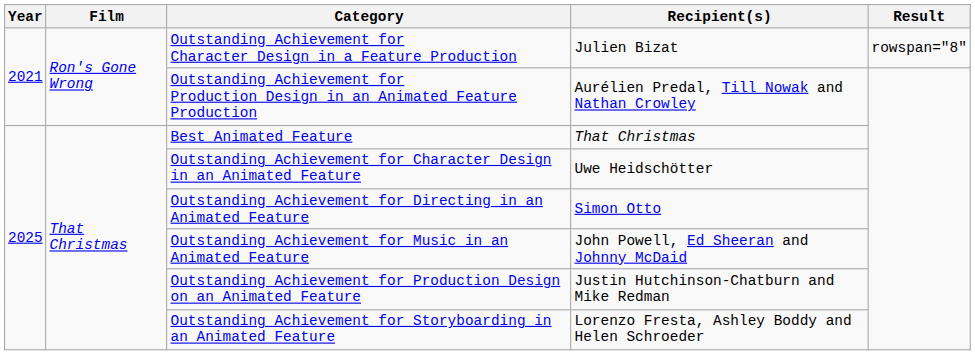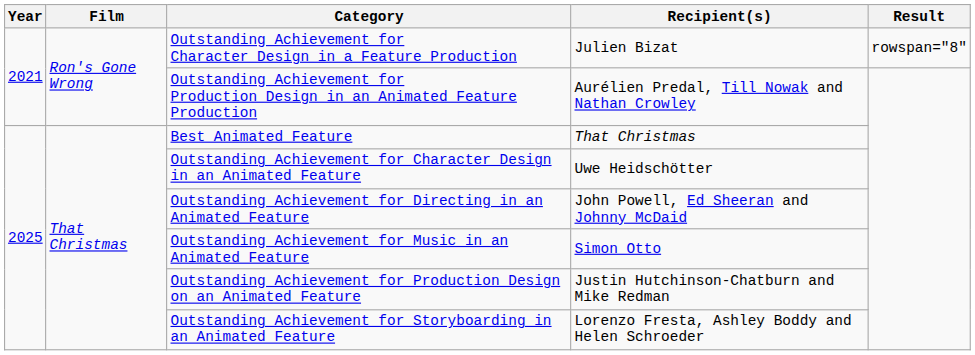 <table class="wikitable sortable">
 <tr>
 <th>Year</th>
 <th>Film</th>
 <th>Category</th>
 <th>Recipient(s)</th>
 <th>Result</th>
 </tr>
 <tr>
 <td rowspan="2"><a href='#'>2021</a></td>
 <td rowspan="2"><em><a href='#'>Ron's Gone Wrong</a></em></td>
 <td><a href='#'>Outstanding Achievement for<br>Character Design in a Feature Production</a></td>
 <td>Julien Bizat</td>
 <td>rowspan="8" </td>
 </tr>
 <tr>
 <td><a href='#'>Outstanding Achievement for<br>Production Design in an Animated Feature Production</a></td>
 <td>Aurélien Predal, <a href='#'>Till Nowak</a> and <a href='#'>Nathan Crowley</a></td>
 </tr>
 <tr>
 <td rowspan="6"><a href='#'>2025</a></td>
 <td rowspan="6"><em><a href='#'>That Christmas</a></em></td>
 <td><a href='#'>Best Animated Feature</a></td>
 <td><em>That Christmas</em></td>
 </tr>
 <tr>
 <td><a href='#'>Outstanding Achievement for Character Design in an Animated Feature</a></td>
 <td>Uwe Heidschötter</td>
 </tr>
 <tr>
 <td><a href='#'>Outstanding Achievement for Directing in an Animated Feature</a></td>
-<td><a href='#'>Simon Otto</a></td>
+<td>John Powell, <a href='#'>Ed Sheeran</a> and <a href='#'>Johnny McDaid</a></td>
 </tr>
 <tr>
 <td><a href='#'>Outstanding Achievement for Music in an Animated Feature</a></td>
-<td>John Powell, <a href='#'>Ed Sheeran</a> and <a href='#'>Johnny McDaid</a></td>
+<td><a href='#'>Simon Otto</a></td>
 </tr>
 <tr>
 <td><a href='#'>Outstanding Achievement for Production Design on an Animated Feature</a></td>
 <td>Justin Hutchinson-Chatburn and Mike Redman</td>
 </tr>
 <tr>
 <td><a href='#'>Outstanding Achievement for Storyboarding in an Animated Feature</a></td>
 <td>Lorenzo Fresta, Ashley Boddy and Helen Schroeder</td>
 </tr>
 </table>
